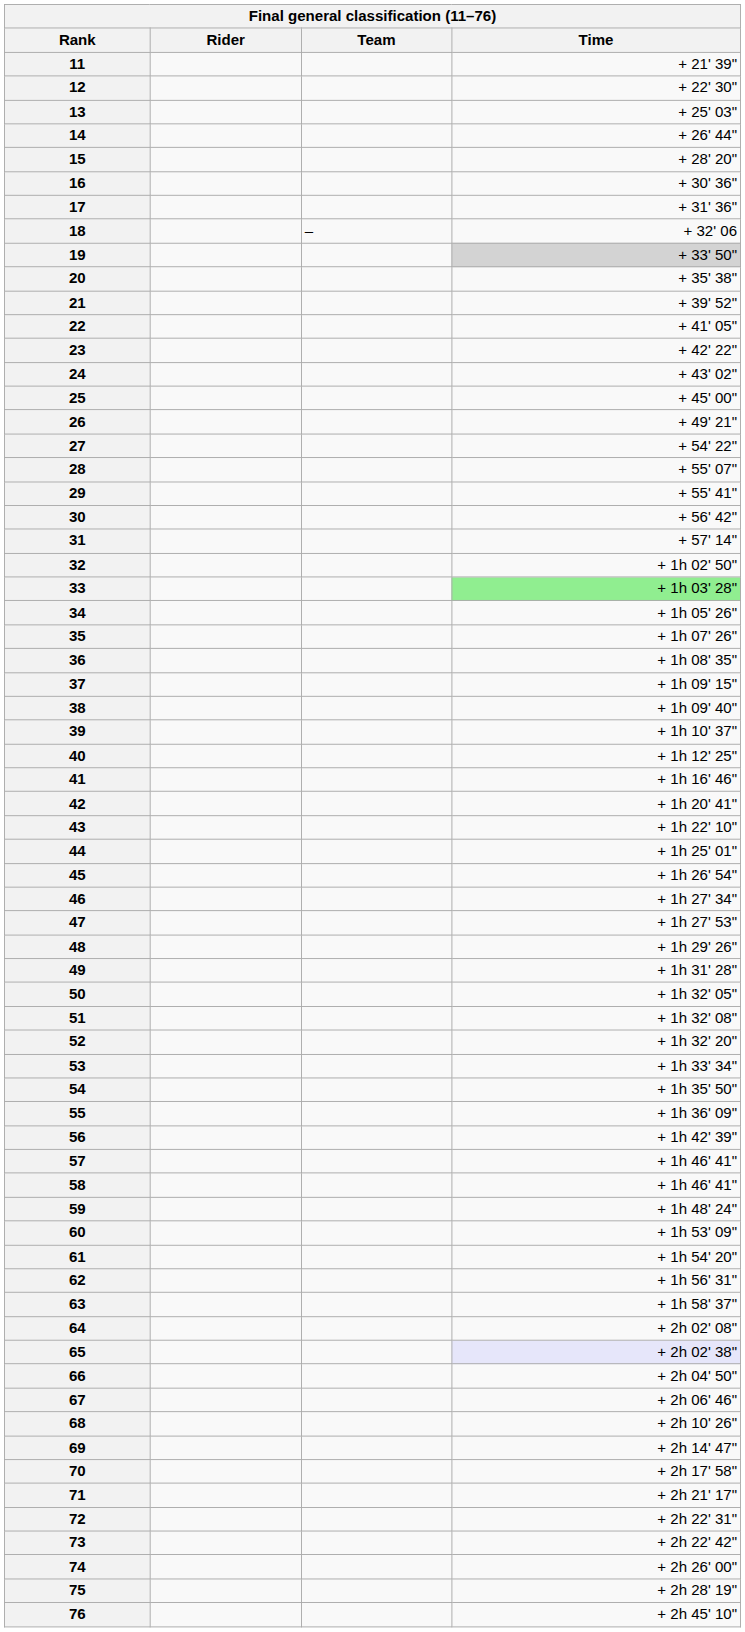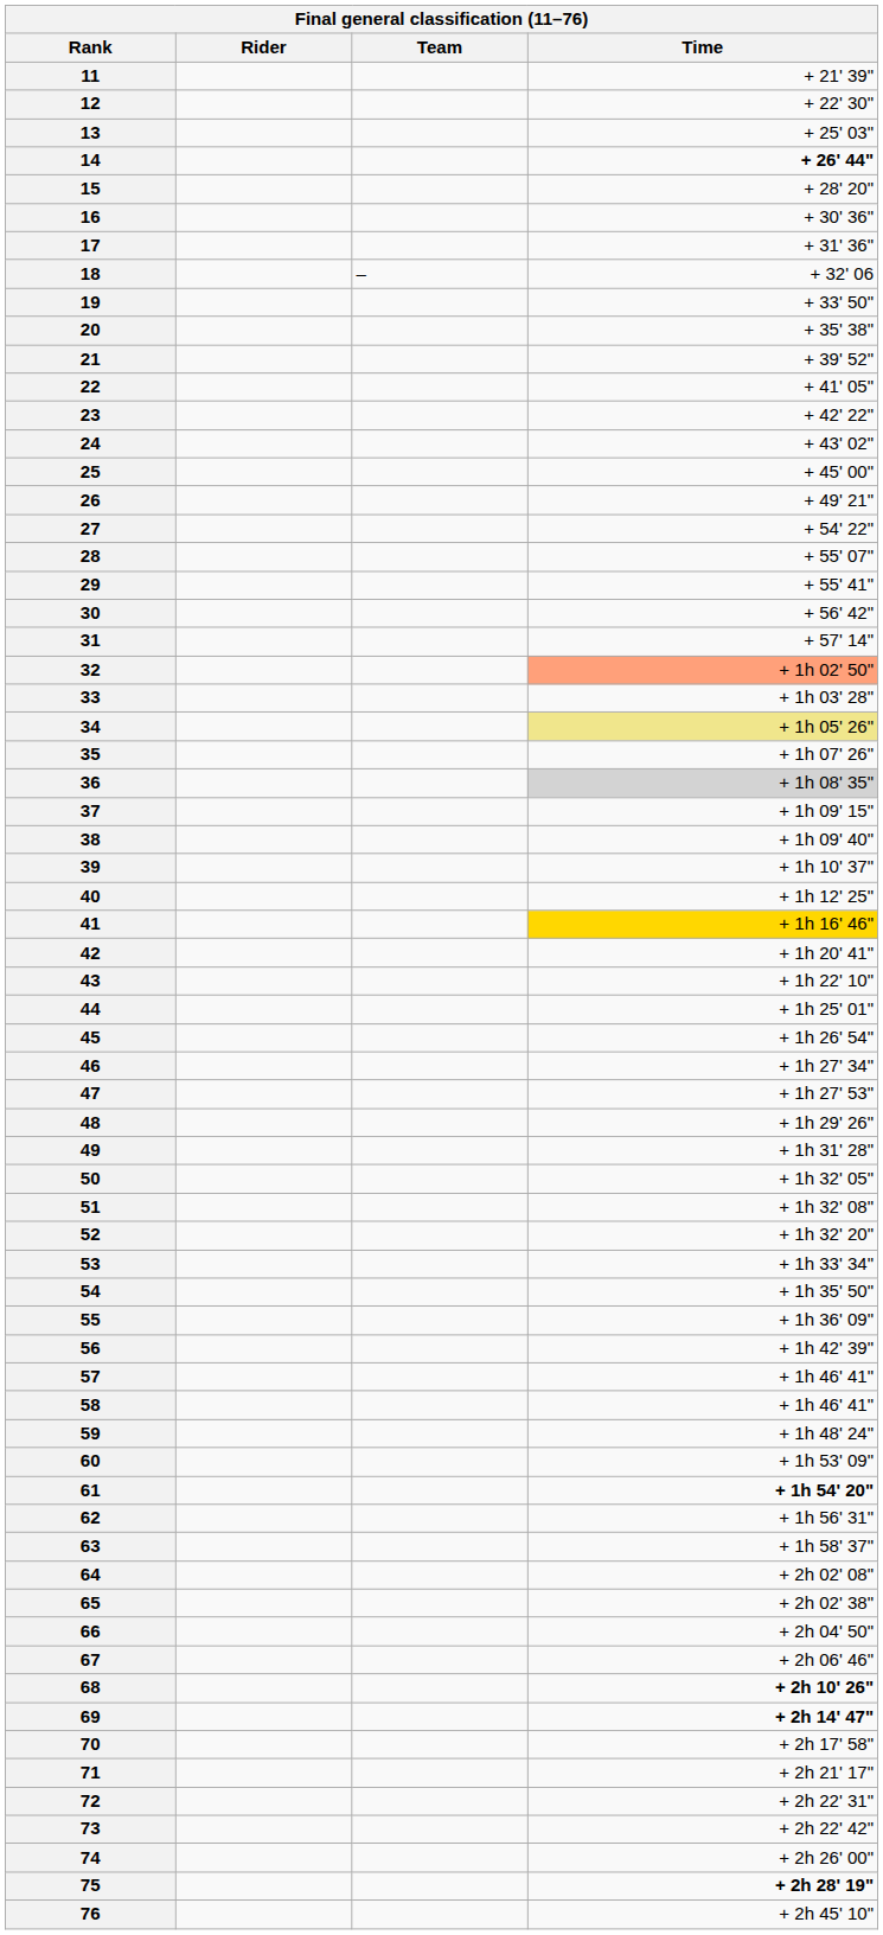 <table class="collapsible collapsed wikitable" style="width:49em;margin-top:-1px;">
 <tr>
 <th scope="col" colspan="4">Final general classification (11–76)</th>
 </tr>
 <tr>
 <th scope="col">Rank</th>
 <th scope="col">Rider</th>
 <th scope="col">Team</th>
 <th scope="col">Time</th>
 </tr>
 <tr>
 <th scope="row">11</th>
 <td></td>
 <td></td>
 <td style="text-align:right;">+ 21' 39"</td>
 </tr>
 <tr>
 <th scope="row">12</th>
 <td></td>
 <td></td>
 <td style="text-align:right;">+ 22' 30"</td>
 </tr>
 <tr>
 <th scope="row">13</th>
 <td></td>
 <td></td>
 <td style="text-align:right;">+ 25' 03"</td>
 </tr>
 <tr>
 <th scope="row">14</th>
 <td></td>
 <td></td>
-<td style="text-align:right;">+ 26' 44"</td>
+<td style="text-align:right;"><strong>+ 26' 44"</strong></td>
 </tr>
 <tr>
 <th scope="row">15</th>
 <td></td>
 <td></td>
 <td style="text-align:right;">+ 28' 20"</td>
 </tr>
 <tr>
 <th scope="row">16</th>
 <td></td>
 <td></td>
 <td style="text-align:right;">+ 30' 36"</td>
 </tr>
 <tr>
 <th scope="row">17</th>
 <td></td>
 <td></td>
 <td style="text-align:right;">+ 31' 36"</td>
 </tr>
 <tr>
 <th scope="row">18</th>
 <td></td>
 <td>–</td>
 <td style="text-align:right;">+ 32' 06</td>
 </tr>
 <tr>
 <th scope="row">19</th>
 <td></td>
 <td></td>
-<td style="background: lightgrey; text-align:right;">+ 33' 50"</td>
+<td style="text-align:right;">+ 33' 50"</td>
 </tr>
 <tr>
 <th scope="row">20</th>
 <td></td>
 <td></td>
 <td style="text-align:right;">+ 35' 38"</td>
 </tr>
 <tr>
 <th scope="row">21</th>
 <td></td>
 <td></td>
 <td style="text-align:right;">+ 39' 52"</td>
 </tr>
 <tr>
 <th scope="row">22</th>
 <td></td>
 <td></td>
 <td style="text-align:right;">+ 41' 05"</td>
 </tr>
 <tr>
 <th scope="row">23</th>
 <td></td>
 <td></td>
 <td style="text-align:right;">+ 42' 22"</td>
 </tr>
 <tr>
 <th scope="row">24</th>
 <td></td>
 <td></td>
 <td style="text-align:right;">+ 43' 02"</td>
 </tr>
 <tr>
 <th scope="row">25</th>
 <td></td>
 <td></td>
 <td style="text-align:right;">+ 45' 00"</td>
 </tr>
 <tr>
 <th scope="row">26</th>
 <td></td>
 <td></td>
 <td style="text-align:right;">+ 49' 21"</td>
 </tr>
 <tr>
 <th scope="row">27</th>
 <td></td>
 <td></td>
 <td style="text-align:right;">+ 54' 22"</td>
 </tr>
 <tr>
 <th scope="row">28</th>
 <td></td>
 <td></td>
 <td style="text-align:right;">+ 55' 07"</td>
 </tr>
 <tr>
 <th scope="row">29</th>
 <td></td>
 <td></td>
 <td style="text-align:right;">+ 55' 41"</td>
 </tr>
 <tr>
 <th scope="row">30</th>
 <td></td>
 <td></td>
 <td style="text-align:right;">+ 56' 42"</td>
 </tr>
 <tr>
 <th scope="row">31</th>
 <td></td>
 <td></td>
 <td style="text-align:right;">+ 57' 14"</td>
 </tr>
 <tr>
 <th scope="row">32</th>
 <td></td>
 <td></td>
-<td style="text-align:right;">+ 1h 02' 50"</td>
+<td style="background: lightsalmon; text-align:right;">+ 1h 02' 50"</td>
 </tr>
 <tr>
 <th scope="row">33</th>
 <td></td>
 <td></td>
-<td style="background: lightgreen; text-align:right;">+ 1h 03' 28"</td>
+<td style="text-align:right;">+ 1h 03' 28"</td>
 </tr>
 <tr>
 <th scope="row">34</th>
 <td></td>
 <td></td>
-<td style="text-align:right;">+ 1h 05' 26"</td>
+<td style="background: khaki; text-align:right;">+ 1h 05' 26"</td>
 </tr>
 <tr>
 <th scope="row">35</th>
 <td></td>
 <td></td>
 <td style="text-align:right;">+ 1h 07' 26"</td>
 </tr>
 <tr>
 <th scope="row">36</th>
 <td></td>
 <td></td>
-<td style="text-align:right;">+ 1h 08' 35"</td>
+<td style="background: lightgrey; text-align:right;">+ 1h 08' 35"</td>
 </tr>
 <tr>
 <th scope="row">37</th>
 <td></td>
 <td></td>
 <td style="text-align:right;">+ 1h 09' 15"</td>
 </tr>
 <tr>
 <th scope="row">38</th>
 <td></td>
 <td></td>
 <td style="text-align:right;">+ 1h 09' 40"</td>
 </tr>
 <tr>
 <th scope="row">39</th>
 <td></td>
 <td></td>
 <td style="text-align:right;">+ 1h 10' 37"</td>
 </tr>
 <tr>
 <th scope="row">40</th>
 <td></td>
 <td></td>
 <td style="text-align:right;">+ 1h 12' 25"</td>
 </tr>
 <tr>
 <th scope="row">41</th>
 <td></td>
 <td></td>
-<td style="text-align:right;">+ 1h 16' 46"</td>
+<td style="background: gold; text-align:right;">+ 1h 16' 46"</td>
 </tr>
 <tr>
 <th scope="row">42</th>
 <td></td>
 <td></td>
 <td style="text-align:right;">+ 1h 20' 41"</td>
 </tr>
 <tr>
 <th scope="row">43</th>
 <td></td>
 <td></td>
 <td style="text-align:right;">+ 1h 22' 10"</td>
 </tr>
 <tr>
 <th scope="row">44</th>
 <td></td>
 <td></td>
 <td style="text-align:right;">+ 1h 25' 01"</td>
 </tr>
 <tr>
 <th scope="row">45</th>
 <td></td>
 <td></td>
 <td style="text-align:right;">+ 1h 26' 54"</td>
 </tr>
 <tr>
 <th scope="row">46</th>
 <td></td>
 <td></td>
 <td style="text-align:right;">+ 1h 27' 34"</td>
 </tr>
 <tr>
 <th scope="row">47</th>
 <td></td>
 <td></td>
 <td style="text-align:right;">+ 1h 27' 53"</td>
 </tr>
 <tr>
 <th scope="row">48</th>
 <td></td>
 <td></td>
 <td style="text-align:right;">+ 1h 29' 26"</td>
 </tr>
 <tr>
 <th scope="row">49</th>
 <td></td>
 <td></td>
 <td style="text-align:right;">+ 1h 31' 28"</td>
 </tr>
 <tr>
 <th scope="row">50</th>
 <td></td>
 <td></td>
 <td style="text-align:right;">+ 1h 32' 05"</td>
 </tr>
 <tr>
 <th scope="row">51</th>
 <td></td>
 <td></td>
 <td style="text-align:right;">+ 1h 32' 08"</td>
 </tr>
 <tr>
 <th scope="row">52</th>
 <td></td>
 <td></td>
 <td style="text-align:right;">+ 1h 32' 20"</td>
 </tr>
 <tr>
 <th scope="row">53</th>
 <td></td>
 <td></td>
 <td style="text-align:right;">+ 1h 33' 34"</td>
 </tr>
 <tr>
 <th scope="row">54</th>
 <td></td>
 <td></td>
 <td style="text-align:right;">+ 1h 35' 50"</td>
 </tr>
 <tr>
 <th scope="row">55</th>
 <td></td>
 <td></td>
 <td style="text-align:right;">+ 1h 36' 09"</td>
 </tr>
 <tr>
 <th scope="row">56</th>
 <td></td>
 <td></td>
 <td style="text-align:right;">+ 1h 42' 39"</td>
 </tr>
 <tr>
 <th scope="row">57</th>
 <td></td>
 <td></td>
 <td style="text-align:right;">+ 1h 46' 41"</td>
 </tr>
 <tr>
 <th scope="row">58</th>
 <td></td>
 <td></td>
 <td style="text-align:right;">+ 1h 46' 41"</td>
 </tr>
 <tr>
 <th scope="row">59</th>
 <td></td>
 <td></td>
 <td style="text-align:right;">+ 1h 48' 24"</td>
 </tr>
 <tr>
 <th scope="row">60</th>
 <td></td>
 <td></td>
 <td style="text-align:right;">+ 1h 53' 09"</td>
 </tr>
 <tr>
 <th scope="row">61</th>
 <td></td>
 <td></td>
-<td style="text-align:right;">+ 1h 54' 20"</td>
+<td style="text-align:right;"><strong>+ 1h 54' 20"</strong></td>
 </tr>
 <tr>
 <th scope="row">62</th>
 <td></td>
 <td></td>
 <td style="text-align:right;">+ 1h 56' 31"</td>
 </tr>
 <tr>
 <th scope="row">63</th>
 <td></td>
 <td></td>
 <td style="text-align:right;">+ 1h 58' 37"</td>
 </tr>
 <tr>
 <th scope="row">64</th>
 <td></td>
 <td></td>
 <td style="text-align:right;">+ 2h 02' 08"</td>
 </tr>
 <tr>
 <th scope="row">65</th>
 <td></td>
 <td></td>
-<td style="background: lavender; text-align:right;">+ 2h 02' 38"</td>
+<td style="text-align:right;">+ 2h 02' 38"</td>
 </tr>
 <tr>
 <th scope="row">66</th>
 <td></td>
 <td></td>
 <td style="text-align:right;">+ 2h 04' 50"</td>
 </tr>
 <tr>
 <th scope="row">67</th>
 <td></td>
 <td></td>
 <td style="text-align:right;">+ 2h 06' 46"</td>
 </tr>
 <tr>
 <th scope="row">68</th>
 <td></td>
 <td></td>
-<td style="text-align:right;">+ 2h 10' 26"</td>
+<td style="text-align:right;"><strong>+ 2h 10' 26"</strong></td>
 </tr>
 <tr>
 <th scope="row">69</th>
 <td></td>
 <td></td>
-<td style="text-align:right;">+ 2h 14' 47"</td>
+<td style="text-align:right;"><strong>+ 2h 14' 47"</strong></td>
 </tr>
 <tr>
 <th scope="row">70</th>
 <td></td>
 <td></td>
 <td style="text-align:right;">+ 2h 17' 58"</td>
 </tr>
 <tr>
 <th scope="row">71</th>
 <td></td>
 <td></td>
 <td style="text-align:right;">+ 2h 21' 17"</td>
 </tr>
 <tr>
 <th scope="row">72</th>
 <td></td>
 <td></td>
 <td style="text-align:right;">+ 2h 22' 31"</td>
 </tr>
 <tr>
 <th scope="row">73</th>
 <td></td>
 <td></td>
 <td style="text-align:right;">+ 2h 22' 42"</td>
 </tr>
 <tr>
 <th scope="row">74</th>
 <td></td>
 <td></td>
 <td style="text-align:right;">+ 2h 26' 00"</td>
 </tr>
 <tr>
 <th scope="row">75</th>
 <td></td>
 <td></td>
-<td style="text-align:right;">+ 2h 28' 19"</td>
+<td style="text-align:right;"><strong>+ 2h 28' 19"</strong></td>
 </tr>
 <tr>
 <th scope="row">76</th>
 <td></td>
 <td></td>
 <td style="text-align:right;">+ 2h 45' 10"</td>
 </tr>
 </table>
